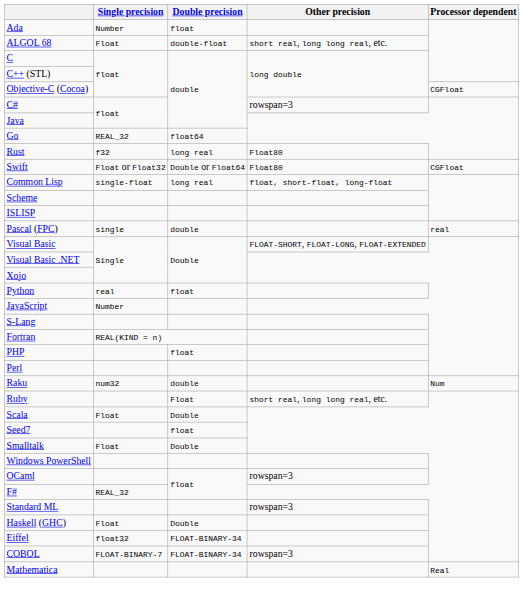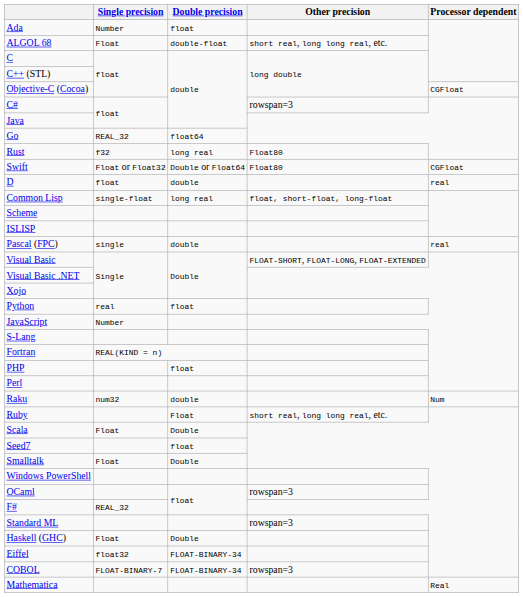 <table class="wikitable sortable">
 <tr>
 <th></th>
 <th><a href='#'>Single precision</a></th>
 <th><a href='#'>Double precision</a></th>
 <th>Other precision</th>
 <th>Processor dependent</th>
 </tr>
 <tr>
 <td><a href='#'>Ada</a></td>
 <td><code>Number</code></td>
 <td><code>float</code></td>
 <td></td>
 </tr>
 <tr>
 <td><a href='#'>ALGOL 68</a></td>
 <td><code>Float</code></td>
 <td><code>double-float</code></td>
 <td><code>short real</code>, <code>long long real</code>, etc.</td>
 </tr>
 <tr>
 <td><a href='#'>C</a></td>
 <td rowspan=3><code>float</code></td>
 <td rowspan=5><code>double</code></td>
 <td rowspan=3><code>long double</code></td>
 </tr>
 <tr>
 <td><a href='#'>C++</a> (STL)</td>
 </tr>
 <tr>
 <td><a href='#'>Objective-C</a> (<a href='#'>Cocoa</a>)</td>
 <td><code>CGFloat</code></td>
 </tr>
 <tr>
 <td><a href='#'>C#</a></td>
 <td rowspan=2><code>float</code></td>
 <td>rowspan=3 </td>
 </tr>
 <tr>
 <td><a href='#'>Java</a></td>
 </tr>
 <tr>
 <td><a href='#'>Go</a></td>
 <td><code>REAL_32</code></td>
 <td><code>float64</code></td>
 </tr>
 <tr>
 <td><a href='#'>Rust</a></td>
 <td><code>f32</code></td>
 <td><code>long real</code></td>
 <td><code>Float80</code></td>
 </tr>
 <tr>
 <td><a href='#'>Swift</a></td>
 <td><code>Float</code> or <code>Float32</code></td>
 <td><code>Double</code> or <code>Float64</code></td>
 <td><code>Float80</code></td>
 <td><code>CGFloat</code></td>
+</tr>
+<tr>
+<td><a href='#'>D</a></td>
+<td><code>float</code></td>
+<td><code>double</code></td>
+<td></td>
+<td><code>real</code></td>
 </tr>
 <tr>
 <td><a href='#'>Common Lisp</a></td>
 <td><code>single-float</code></td>
 <td><code>long real</code></td>
 <td><code>float, short-float, long-float</code></td>
 </tr>
 <tr>
 <td><a href='#'>Scheme</a></td>
 <td></td>
 <td></td>
 <td></td>
 </tr>
 <tr>
 <td><a href='#'>ISLISP</a></td>
 <td></td>
 <td></td>
 <td></td>
 </tr>
 <tr>
 <td><a href='#'>Pascal</a> (<a href='#'>FPC</a>)</td>
 <td><code>single</code></td>
 <td><code>double</code></td>
 <td></td>
 <td><code>real</code></td>
 </tr>
 <tr>
 <td><a href='#'>Visual Basic</a></td>
 <td rowspan=3><code>Single</code></td>
 <td rowspan=3><code>Double</code></td>
 <td><code>FLOAT-SHORT</code>, <code>FLOAT-LONG</code>, <code>FLOAT-EXTENDED</code></td>
 </tr>
 <tr>
 <td><a href='#'>Visual Basic .NET</a></td>
 </tr>
 <tr>
 <td><a href='#'>Xojo</a></td>
 </tr>
 <tr>
 <td><a href='#'>Python</a></td>
 <td><code>real</code></td>
 <td><code>float</code></td>
 <td></td>
 </tr>
 <tr>
 <td><a href='#'>JavaScript</a></td>
 <td><code>Number</code></td>
 <td></td>
 </tr>
 <tr>
 <td><a href='#'>S-Lang</a></td>
 <td></td>
 <td></td>
 <td></td>
 </tr>
 <tr>
 <td><a href='#'>Fortran</a></td>
 <td colspan=2><code>REAL(KIND = n)</code></td>
 <td></td>
 </tr>
 <tr>
 <td><a href='#'>PHP</a></td>
 <td></td>
 <td><code>float</code></td>
 <td></td>
 </tr>
 <tr>
 <td><a href='#'>Perl</a></td>
 <td></td>
 <td></td>
 <td></td>
 </tr>
 <tr>
 <td><a href='#'>Raku</a></td>
 <td><code>num32</code></td>
 <td><code>double</code></td>
 <td></td>
 <td><code>Num</code></td>
 </tr>
 <tr>
 <td><a href='#'>Ruby</a></td>
 <td></td>
 <td><code>Float</code></td>
 <td><code>short real</code>, <code>long long real</code>, etc.</td>
 </tr>
 <tr>
 <td><a href='#'>Scala</a></td>
 <td><code>Float</code></td>
 <td><code>Double</code></td>
 </tr>
 <tr>
 <td><a href='#'>Seed7</a></td>
 <td></td>
 <td><code>float</code></td>
 </tr>
 <tr>
 <td><a href='#'>Smalltalk</a></td>
 <td><code>Float</code></td>
 <td><code>Double</code></td>
 </tr>
 <tr>
 <td><a href='#'>Windows PowerShell</a></td>
 <td></td>
 <td></td>
 <td></td>
 </tr>
 <tr>
 <td><a href='#'>OCaml</a></td>
 <td></td>
 <td rowspan=2><code>float</code></td>
 <td>rowspan=3 </td>
 </tr>
 <tr>
 <td><a href='#'>F#</a></td>
 <td><code>REAL_32</code></td>
 </tr>
 <tr>
 <td><a href='#'>Standard ML</a></td>
 <td></td>
 <td></td>
 <td>rowspan=3 </td>
 </tr>
 <tr>
 <td><a href='#'>Haskell</a> (<a href='#'>GHC</a>)</td>
 <td><code>Float</code></td>
 <td><code>Double</code></td>
 <td></td>
 </tr>
 <tr>
 <td><a href='#'>Eiffel</a></td>
 <td><code>float32</code></td>
 <td><code>FLOAT-BINARY-34</code></td>
 <td></td>
 </tr>
 <tr>
 <td><a href='#'>COBOL</a></td>
 <td><code>FLOAT-BINARY-7</code></td>
 <td><code>FLOAT-BINARY-34</code></td>
 <td>rowspan=3 </td>
 </tr>
 <tr>
 <td><a href='#'>Mathematica</a></td>
 <td></td>
 <td></td>
 <td></td>
 <td><code>Real</code></td>
 </tr>
 </table>
